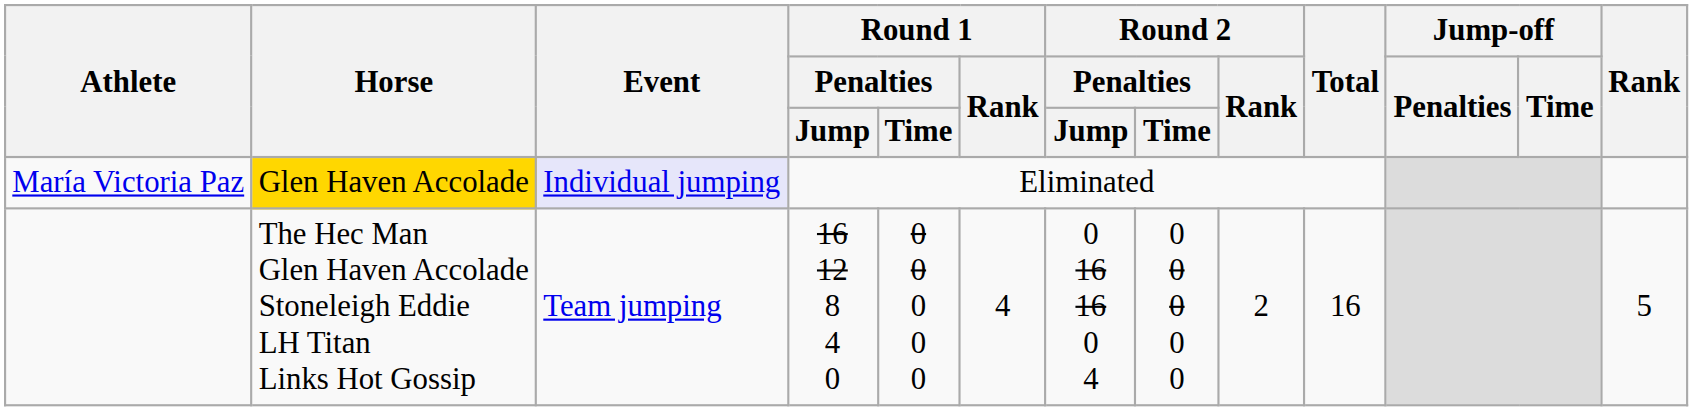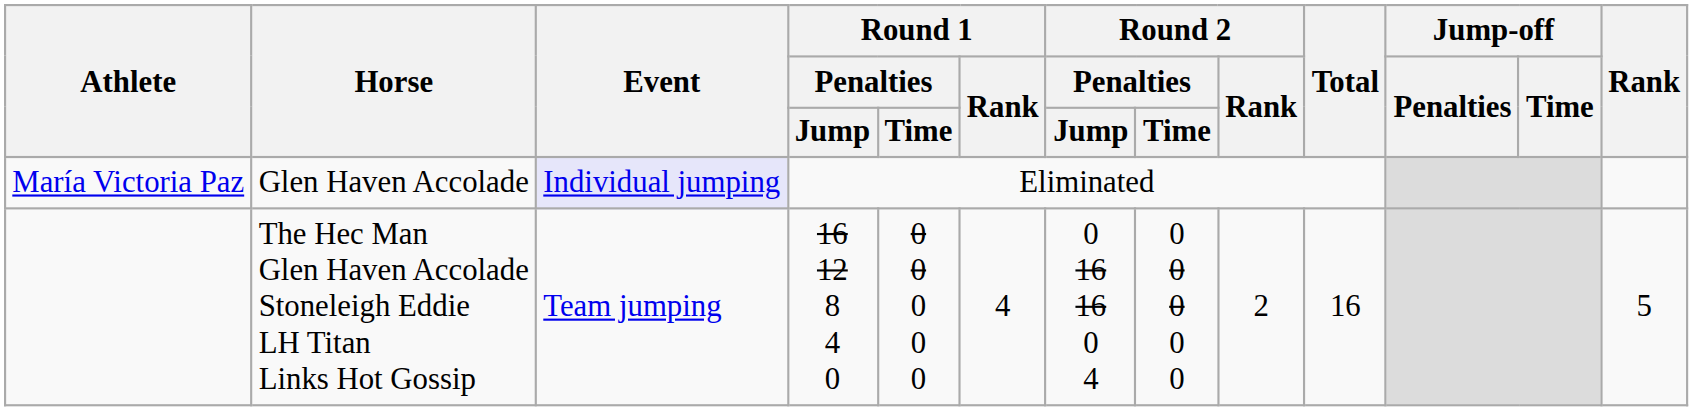 <table class="wikitable" border="1" style="font-size:90%">
 <tr>
 <th rowspan=3>Athlete</th>
 <th rowspan=3>Horse</th>
 <th rowspan=3>Event</th>
 <th colspan=3>Round 1</th>
 <th colspan=3>Round 2</th>
 <th rowspan=3>Total</th>
 <th colspan=2>Jump-off</th>
 <th rowspan=3>Rank</th>
 </tr>
 <tr>
 <th colspan=2>Penalties</th>
 <th rowspan=2>Rank</th>
 <th colspan=2>Penalties</th>
 <th rowspan=2>Rank</th>
 <th rowspan=2>Penalties</th>
 <th rowspan=2>Time</th>
 </tr>
 <tr>
 <th>Jump</th>
 <th>Time</th>
 <th>Jump</th>
 <th>Time</th>
 </tr>
 <tr>
 <td><a href='#'>María Victoria Paz</a></td>
-<td style="background: gold;">Glen Haven Accolade</td>
+<td>Glen Haven Accolade</td>
 <td style="background: lavender;"><a href='#'>Individual jumping</a></td>
 <td align=center colspan=7>Eliminated</td>
 <td colspan=2 bgcolor=#DCDCDC></td>
 <td align=center></td>
 </tr>
 <tr>
 <td><br><br><br><br></td>
 <td>The Hec Man<br>Glen Haven Accolade<br>Stoneleigh Eddie<br>LH Titan<br>Links Hot Gossip</td>
 <td><a href='#'>Team jumping</a></td>
 <td align=center><s>16</s><br><s>12</s><br>8<br>4<br>0</td>
 <td align=center><s>0</s><br><s>0</s><br>0<br>0<br>0</td>
 <td align=center>4</td>
 <td align=center>0<br><s>16</s><br><s>16</s><br>0<br>4</td>
 <td align=center>0<br><s>0</s><br><s>0</s><br>0<br>0</td>
 <td align=center>2</td>
 <td align=center>16</td>
 <td colspan=2 bgcolor=#DCDCDC></td>
 <td align=center>5</td>
 </tr>
 </table>
